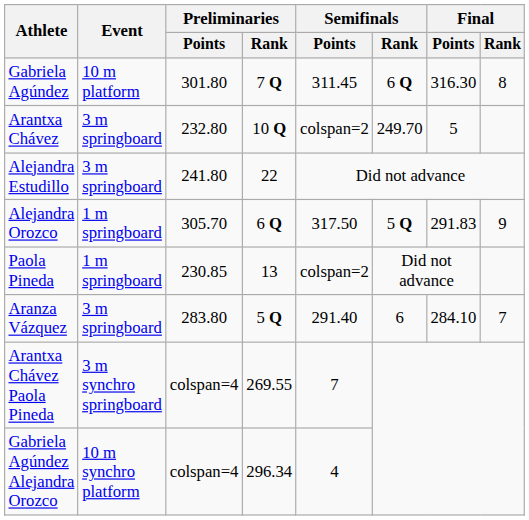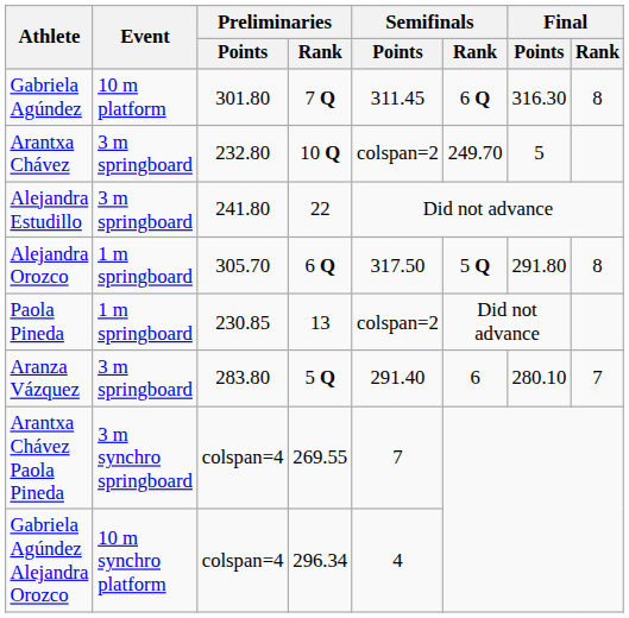 <table class="wikitable" style="text-align:center; font-size:90%; width:50%;">
 <tr>
 <th rowspan=2>Athlete</th>
 <th rowspan=2>Event</th>
 <th colspan=2>Preliminaries</th>
 <th colspan=2>Semifinals</th>
 <th colspan=2>Final</th>
 </tr>
 <tr style="font-size:95%">
 <th>Points</th>
 <th>Rank</th>
 <th>Points</th>
 <th>Rank</th>
 <th>Points</th>
 <th>Rank</th>
 </tr>
 <tr>
 <td align=left><a href='#'>Gabriela Agúndez</a></td>
 <td align=left><a href='#'>10 m platform</a></td>
 <td>301.80</td>
 <td>7 <strong>Q</strong></td>
 <td>311.45</td>
 <td>6 <strong>Q</strong></td>
 <td>316.30</td>
 <td>8</td>
 </tr>
 <tr>
 <td align=left><a href='#'>Arantxa Chávez</a></td>
 <td align=left><a href='#'>3 m springboard</a></td>
 <td>232.80</td>
 <td>10 <strong>Q</strong></td>
 <td>colspan=2 </td>
 <td>249.70</td>
 <td>5</td>
 </tr>
 <tr>
 <td align=left><a href='#'>Alejandra Estudillo</a></td>
 <td align=left><a href='#'>3 m springboard</a></td>
 <td>241.80</td>
 <td>22</td>
 <td colspan=4>Did not advance</td>
 </tr>
 <tr>
 <td align=left><a href='#'>Alejandra Orozco</a></td>
 <td align=left><a href='#'>1 m springboard</a></td>
 <td>305.70</td>
 <td>6 <strong>Q</strong></td>
 <td>317.50</td>
 <td>5 <strong>Q</strong></td>
-<td>291.83</td>
-<td>9</td>
+<td>291.80</td>
+<td>8</td>
 </tr>
 <tr>
 <td align=left><a href='#'>Paola Pineda</a></td>
 <td align=left><a href='#'>1 m springboard</a></td>
 <td>230.85</td>
 <td>13</td>
 <td>colspan=2 </td>
 <td colspan=2>Did not advance</td>
 </tr>
 <tr>
 <td align=left><a href='#'>Aranza Vázquez</a></td>
 <td align=left><a href='#'>3 m springboard</a></td>
 <td>283.80</td>
 <td>5 <strong>Q</strong></td>
 <td>291.40</td>
 <td>6</td>
-<td>284.10</td>
+<td>280.10</td>
 <td>7</td>
 </tr>
 <tr>
 <td align=left><a href='#'>Arantxa Chávez</a><br> <a href='#'>Paola Pineda</a></td>
 <td align=left><a href='#'>3 m synchro springboard</a></td>
 <td>colspan=4 </td>
 <td>269.55</td>
 <td>7</td>
 </tr>
 <tr>
 <td align=left><a href='#'>Gabriela Agúndez</a><br> <a href='#'>Alejandra Orozco</a></td>
 <td align=left><a href='#'>10 m synchro platform</a></td>
 <td>colspan=4 </td>
 <td>296.34</td>
 <td>4</td>
 </tr>
 </table>
